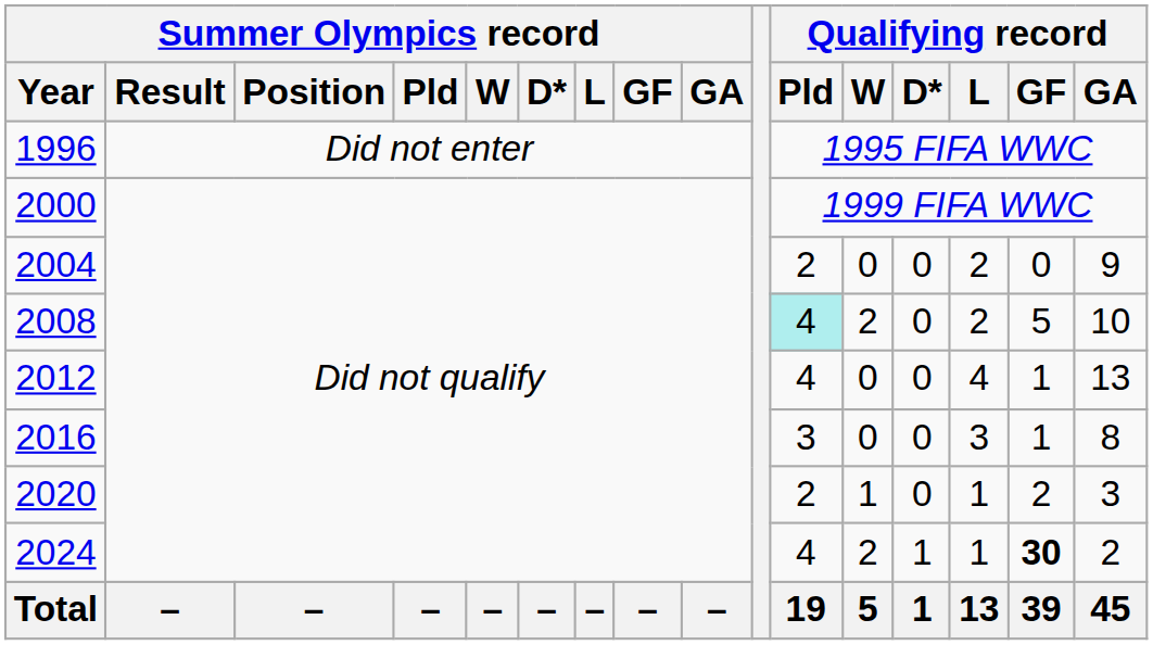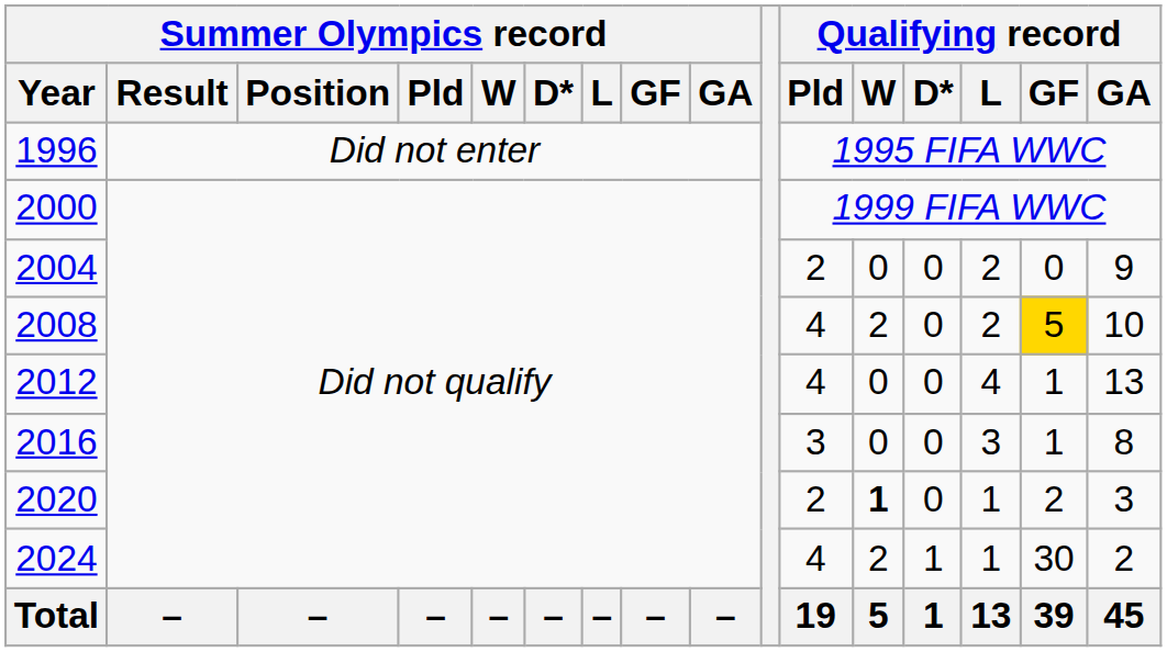 <table class="wikitable" style="text-align: center;">
 <tr>
 <th colspan=9><a href='#'>Summer Olympics</a> record</th>
 <th rowspan=11></th>
 <th colspan=6><a href='#'>Qualifying</a> record</th>
 </tr>
 <tr>
 <th>Year</th>
 <th>Result</th>
 <th>Position</th>
 <th>Pld</th>
 <th>W</th>
 <th>D*</th>
 <th>L</th>
 <th>GF</th>
 <th>GA</th>
 <th>Pld</th>
 <th>W</th>
 <th>D*</th>
 <th>L</th>
 <th>GF</th>
 <th>GA</th>
 </tr>
 <tr>
 <td> <a href='#'>1996</a></td>
 <td colspan=8><em>Did not enter</em></td>
 <td colspan=6><em><a href='#'>1995 FIFA WWC</a></em></td>
 </tr>
 <tr>
 <td> <a href='#'>2000</a></td>
 <td colspan=8 rowspan=7><em>Did not qualify</em></td>
 <td colspan=6><em><a href='#'>1999 FIFA WWC</a></em></td>
 </tr>
 <tr>
 <td> <a href='#'>2004</a></td>
 <td>2</td>
 <td>0</td>
 <td>0</td>
 <td>2</td>
 <td>0</td>
 <td>9</td>
 </tr>
 <tr>
 <td> <a href='#'>2008</a></td>
-<td style="background: paleturquoise;">4</td>
+<td>4</td>
 <td>2</td>
 <td>0</td>
 <td>2</td>
-<td>5</td>
+<td style="background: gold;">5</td>
 <td>10</td>
 </tr>
 <tr>
 <td> <a href='#'>2012</a></td>
 <td>4</td>
 <td>0</td>
 <td>0</td>
 <td>4</td>
 <td>1</td>
 <td>13</td>
 </tr>
 <tr>
 <td> <a href='#'>2016</a></td>
 <td>3</td>
 <td>0</td>
 <td>0</td>
 <td>3</td>
 <td>1</td>
 <td>8</td>
 </tr>
 <tr>
 <td> <a href='#'>2020</a></td>
 <td>2</td>
-<td>1</td>
+<td><strong>1</strong></td>
 <td>0</td>
 <td>1</td>
 <td>2</td>
 <td>3</td>
 </tr>
 <tr>
 <td> <a href='#'>2024</a></td>
 <td>4</td>
 <td>2</td>
 <td>1</td>
 <td>1</td>
-<td><strong>30</strong></td>
+<td>30</td>
 <td>2</td>
 </tr>
 <tr>
 <th>Total</th>
 <th>–</th>
 <th>–</th>
 <th>–</th>
 <th>–</th>
 <th>–</th>
 <th>–</th>
 <th>–</th>
 <th>–</th>
 <th>19</th>
 <th>5</th>
 <th>1</th>
 <th>13</th>
 <th>39</th>
 <th>45</th>
 </tr>
 </table>
